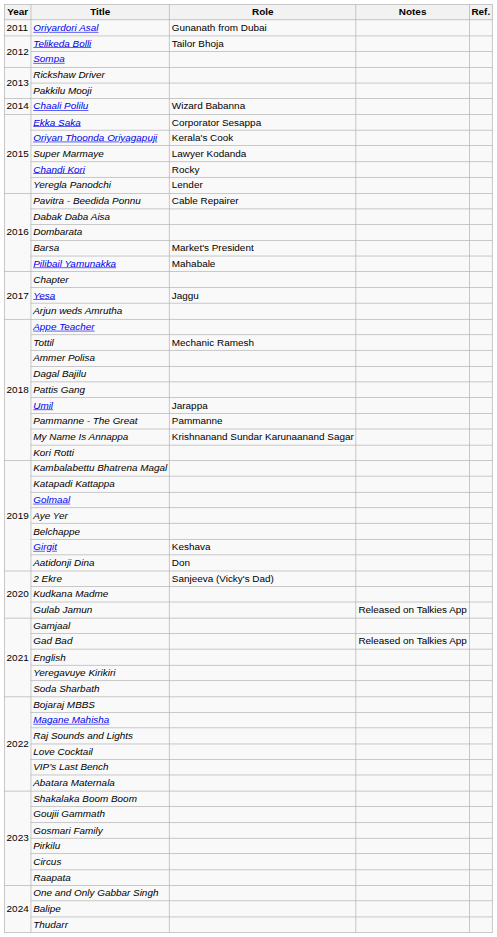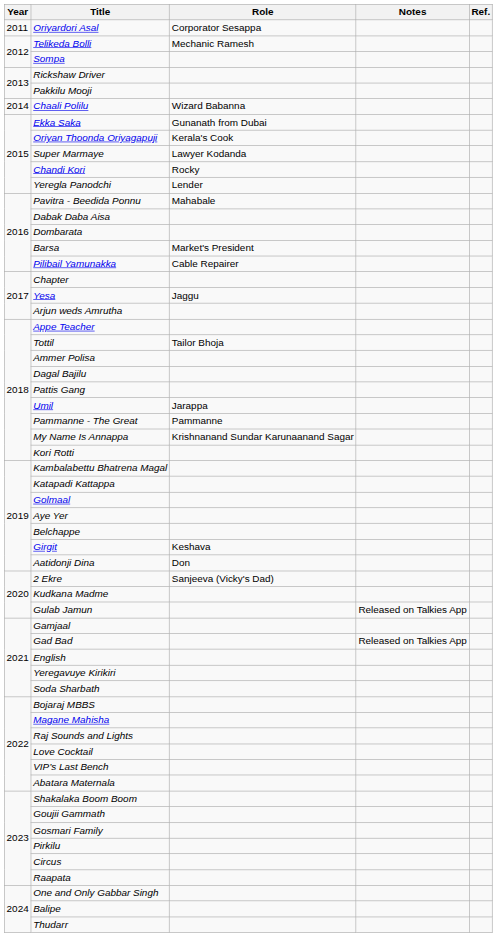 <table class="wikitable plainrowheaders unsortable">
 <tr>
 <th scope="col">Year</th>
 <th scope="col">Title</th>
 <th scope="col">Role</th>
 <th scope="col">Notes</th>
 <th scope="col" class="unsortable">Ref.</th>
 </tr>
 <tr>
 <td rowspan="1">2011</td>
 <td><em><a href='#'>Oriyardori Asal</a></em></td>
-<td>Gunanath from Dubai</td>
+<td>Corporator Sesappa</td>
 <td></td>
 <td></td>
 </tr>
 <tr>
 <td rowspan="2">2012</td>
 <td><em><a href='#'>Telikeda Bolli</a></em></td>
-<td>Tailor Bhoja</td>
+<td>Mechanic Ramesh</td>
 <td></td>
 <td></td>
 </tr>
 <tr>
 <td><em><a href='#'>Sompa</a></em></td>
 <td></td>
 <td></td>
 <td></td>
 </tr>
 <tr>
 <td rowspan="2">2013</td>
 <td><em>Rickshaw Driver</em></td>
 <td></td>
 <td></td>
 <td></td>
 </tr>
 <tr ‌>
 <td><em>Pakkilu Mooji</em></td>
 <td></td>
 <td></td>
 <td></td>
 </tr>
 <tr>
 <td rowspan="1">2014</td>
 <td><em><a href='#'>Chaali Polilu</a></em></td>
 <td>Wizard Babanna</td>
 <td></td>
 <td></td>
 </tr>
 <tr>
 <td rowspan="5">2015</td>
 <td><em><a href='#'>Ekka Saka</a></em></td>
-<td>Corporator Sesappa</td>
+<td>Gunanath from Dubai</td>
 <td></td>
 <td></td>
 </tr>
 <tr>
 <td><em><a href='#'>Oriyan Thoonda Oriyagapuji</a></em></td>
 <td>Kerala's Cook</td>
 <td></td>
 <td></td>
 </tr>
 <tr>
 <td><em>Super Marmaye</em></td>
 <td>Lawyer Kodanda</td>
 <td></td>
 <td></td>
 </tr>
 <tr>
 <td><em><a href='#'>Chandi Kori</a></em></td>
 <td>Rocky</td>
 <td></td>
 <td></td>
 </tr>
 <tr>
 <td><em>Yeregla Panodchi</em></td>
 <td>Lender</td>
 <td></td>
 <td></td>
 </tr>
 <tr>
 <td rowspan="5">2016</td>
 <td><em>Pavitra - Beedida Ponnu</em></td>
-<td>Cable Repairer</td>
+<td>Mahabale</td>
 <td></td>
 <td></td>
 </tr>
 <tr>
 <td><em>Dabak Daba Aisa</em></td>
 <td></td>
 <td></td>
 <td></td>
 </tr>
 <tr>
 <td><em>Dombarata</em></td>
 <td></td>
 <td></td>
 <td></td>
 </tr>
 <tr>
 <td><em>Barsa</em></td>
 <td>Market's President</td>
 <td></td>
 <td></td>
 </tr>
 <tr>
 <td><em><a href='#'>Pilibail Yamunakka</a></em></td>
-<td>Mahabale</td>
+<td>Cable Repairer</td>
 <td></td>
 <td></td>
 </tr>
 <tr>
 <td rowspan="3">2017</td>
 <td><em>Chapter</em></td>
 <td></td>
 <td></td>
 <td></td>
 </tr>
 <tr>
 <td><em><a href='#'>Yesa</a></em></td>
 <td>Jaggu</td>
 <td></td>
 <td></td>
 </tr>
 <tr>
 <td><em>Arjun weds Amrutha</em></td>
 <td></td>
 <td></td>
 <td></td>
 </tr>
 <tr>
 <td rowspan="9">2018</td>
 <td><em><a href='#'>Appe Teacher</a></em></td>
 <td></td>
 <td></td>
 <td></td>
 </tr>
 <tr>
 <td><em>Tottil</em></td>
-<td>Mechanic Ramesh</td>
+<td>Tailor Bhoja</td>
 <td></td>
 <td></td>
 </tr>
 <tr>
 <td><em>Ammer Polisa</em></td>
 <td></td>
 <td></td>
 <td></td>
 </tr>
 <tr>
 <td><em>Dagal Bajilu</em></td>
 <td></td>
 <td></td>
 <td></td>
 </tr>
 <tr>
 <td><em>Pattis Gang</em></td>
 <td></td>
 <td></td>
 <td></td>
 </tr>
 <tr>
 <td><em><a href='#'>Umil</a></em></td>
 <td>Jarappa</td>
 <td></td>
 <td></td>
 </tr>
 <tr>
 <td><em>Pammanne - The Great‌</em></td>
 <td>Pammanne</td>
 <td></td>
 <td></td>
 </tr>
 <tr>
 <td><em>My Name Is Annappa</em></td>
 <td>Krishnanand Sundar Karunaanand Sagar</td>
 <td></td>
 <td></td>
 </tr>
 <tr>
 <td><em>Kori Rotti</em></td>
 <td></td>
 <td></td>
 <td></td>
 </tr>
 <tr>
 <td rowspan="7">2019</td>
 <td><em>Kambalabettu Bhatrena Magal‌</em></td>
 <td></td>
 <td></td>
 <td></td>
 </tr>
 <tr>
 <td><em>Katapadi Kattappa</em></td>
 <td></td>
 <td></td>
 <td></td>
 </tr>
 <tr>
 <td><em><a href='#'>Golmaal</a></em></td>
 <td></td>
 <td></td>
 <td>‌</td>
 </tr>
 <tr>
 <td><em>Aye Yer</em></td>
 <td></td>
 <td></td>
 <td>‌</td>
 </tr>
 <tr>
 <td><em>Belchappe</em></td>
 <td></td>
 <td></td>
 <td></td>
 </tr>
 <tr>
 <td><em><a href='#'>Girgit</a></em></td>
 <td>Keshava</td>
 <td></td>
 <td></td>
 </tr>
 <tr>
 <td><em>Aatidonji Dina</em></td>
 <td>Don‌</td>
 <td></td>
 <td></td>
 </tr>
 <tr>
 <td rowspan="3">2020</td>
 <td><em>2 Ekre</em></td>
 <td>Sanjeeva (Vicky's Dad)</td>
 <td></td>
 <td></td>
 </tr>
 <tr>
 <td><em>Kudkana Madme</em></td>
 <td></td>
 <td></td>
 <td></td>
 </tr>
 <tr>
 <td><em>Gulab Jamun</em></td>
 <td></td>
 <td>Released on Talkies App</td>
 <td></td>
 </tr>
 <tr>
 <td rowspan="5">2021</td>
 <td><em>Gamjaal</em></td>
 <td></td>
 <td></td>
 <td></td>
 </tr>
 <tr>
 <td><em>Gad Bad</em></td>
 <td></td>
 <td>Released on Talkies App</td>
 <td></td>
 </tr>
 <tr>
 <td><em>English</em></td>
 <td></td>
 <td></td>
 <td></td>
 </tr>
 <tr>
 <td><em>Yeregavuye Kirikiri</em></td>
 <td></td>
 <td></td>
 </tr>
 <tr>
 <td><em>Soda Sharbath</em></td>
 <td></td>
 <td></td>
 <td></td>
 </tr>
 <tr>
 <td rowspan="6">2022</td>
 <td><em>Bojaraj MBBS</em></td>
 <td></td>
 <td></td>
 <td></td>
 </tr>
 <tr>
 <td><em><a href='#'>Magane Mahisha</a></em></td>
 <td></td>
 <td></td>
 <td></td>
 </tr>
 <tr>
 <td><em>Raj Sounds and Lights</em></td>
 <td></td>
 <td></td>
 <td></td>
 </tr>
 <tr>
 <td><em>Love Cocktail</em></td>
 <td></td>
 <td></td>
 <td></td>
 </tr>
 <tr>
 <td><em>VIP’s Last Bench</em></td>
 <td></td>
 <td></td>
 <td></td>
 </tr>
 <tr>
 <td><em>Abatara Maternala</em></td>
 <td></td>
 <td></td>
 <td></td>
 </tr>
 <tr>
 <td rowspan="6">2023</td>
 <td><em>Shakalaka Boom Boom</em></td>
 <td></td>
 <td></td>
 <td></td>
 </tr>
 <tr>
 <td><em>Goujii Gammath</em></td>
 <td></td>
 <td></td>
 <td></td>
 </tr>
 <tr>
 <td><em>Gosmari Family</em></td>
 <td></td>
 <td></td>
 <td></td>
 </tr>
 <tr>
 <td><em>Pirkilu</em></td>
 <td></td>
 <td></td>
 <td></td>
 </tr>
 <tr>
 <td><em>Circus</em></td>
 <td></td>
 <td></td>
 <td></td>
 </tr>
 <tr>
 <td><em>Raapata</em></td>
 <td></td>
 <td></td>
 <td></td>
 </tr>
 <tr>
 <td rowspan="3">2024</td>
 <td><em>One and Only Gabbar Singh</em></td>
 <td></td>
 <td></td>
 <td></td>
 </tr>
 <tr>
 <td><em>Balipe</em></td>
 <td></td>
 <td></td>
 <td></td>
 </tr>
 <tr>
 <td><em>Thudarr</em></td>
 <td></td>
 <td></td>
 <td></td>
 </tr>
 </table>
